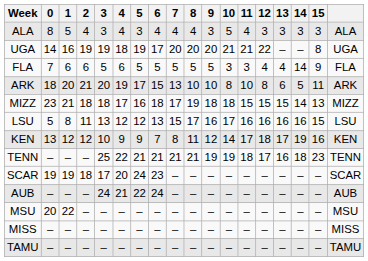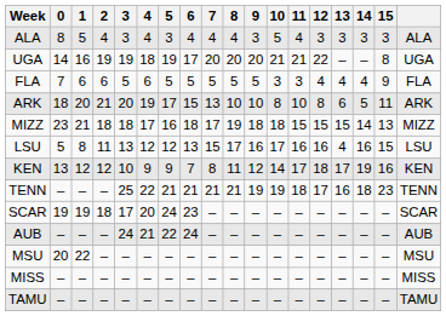 <table class="wikitable sortable" style="text-align:center">
 <tr>
 <th>Week</th>
 <th>0</th>
 <th>1</th>
 <th>2</th>
 <th>3</th>
 <th>4</th>
 <th>5</th>
 <th>6</th>
 <th>7</th>
 <th>8</th>
 <th>9</th>
 <th>10</th>
 <th>11</th>
 <th>12</th>
 <th>13</th>
 <th>14</th>
 <th>15</th>
 <th class=unsortable></th>
 </tr>
 <tr style="background-color:#E8E8E8">
 <td>ALA</td>
 <td>8</td>
 <td>5</td>
 <td>4</td>
 <td>3</td>
 <td>4</td>
 <td>3</td>
 <td>4</td>
 <td>4</td>
 <td>4</td>
 <td>3</td>
 <td>5</td>
 <td>4</td>
 <td>3</td>
 <td>3</td>
 <td>3</td>
 <td>3</td>
 <td>ALA</td>
 </tr>
 <tr>
 <td data-sort-value=G>UGA</td>
 <td>14</td>
 <td>16</td>
 <td>19</td>
 <td>19</td>
 <td>18</td>
 <td>19</td>
 <td>17</td>
 <td>20</td>
 <td>20</td>
 <td>20</td>
 <td>21</td>
 <td>21</td>
 <td>22</td>
 <td data-sort-value=26>–</td>
 <td data-sort-value=26>–</td>
 <td>8</td>
 <td>UGA</td>
 </tr>
 <tr>
 <td>FLA</td>
 <td>7</td>
 <td>6</td>
 <td>6</td>
 <td>5</td>
 <td>6</td>
 <td>5</td>
 <td>5</td>
 <td>5</td>
 <td>5</td>
 <td>5</td>
 <td>3</td>
 <td>3</td>
 <td>4</td>
 <td>4</td>
-<td>14</td>
+<td>4</td>
 <td>9</td>
 <td>FLA</td>
 </tr>
 <tr style="background-color:#E8E8E8">
 <td>ARK</td>
 <td>18</td>
 <td>20</td>
 <td>21</td>
 <td>20</td>
 <td>19</td>
 <td>17</td>
 <td>15</td>
 <td>13</td>
 <td>10</td>
 <td>10</td>
 <td>8</td>
 <td>10</td>
 <td>8</td>
 <td>6</td>
 <td>5</td>
 <td>11</td>
 <td>ARK</td>
 </tr>
 <tr>
 <td data-sort-value=MO>MIZZ</td>
 <td>23</td>
 <td>21</td>
 <td>18</td>
 <td>18</td>
 <td>17</td>
 <td>16</td>
 <td>18</td>
 <td>17</td>
 <td>19</td>
 <td>18</td>
 <td>18</td>
 <td>15</td>
 <td>15</td>
 <td>15</td>
 <td>14</td>
 <td>13</td>
 <td>MIZZ</td>
 </tr>
 <tr>
 <td>LSU</td>
 <td>5</td>
 <td>8</td>
 <td>11</td>
 <td>13</td>
 <td>12</td>
 <td>12</td>
 <td>13</td>
 <td>15</td>
 <td>17</td>
 <td>16</td>
 <td>17</td>
 <td>16</td>
 <td>16</td>
-<td>16</td>
+<td>4</td>
 <td>16</td>
 <td>15</td>
 <td>LSU</td>
 </tr>
 <tr style="background-color:#E8E8E8">
 <td>KEN</td>
 <td>13</td>
 <td>12</td>
 <td>12</td>
 <td>10</td>
 <td>9</td>
 <td>9</td>
 <td>7</td>
 <td>8</td>
 <td>11</td>
 <td>12</td>
 <td>14</td>
 <td>17</td>
 <td>18</td>
 <td>17</td>
 <td>19</td>
 <td>16</td>
 <td>KEN</td>
 </tr>
 <tr>
 <td>TENN</td>
 <td data-sort-value=27>–</td>
 <td data-sort-value=27>–</td>
 <td data-sort-value=27>–</td>
 <td>25</td>
 <td>22</td>
 <td>21</td>
 <td>21</td>
 <td>21</td>
 <td>21</td>
 <td>19</td>
 <td>19</td>
 <td>18</td>
 <td>17</td>
 <td>16</td>
 <td>18</td>
 <td>23</td>
 <td>TENN</td>
 </tr>
 <tr>
 <td>SCAR</td>
 <td>19</td>
 <td>19</td>
 <td>18</td>
 <td>17</td>
 <td>20</td>
 <td>24</td>
 <td>23</td>
 <td data-sort-value=28>–</td>
 <td data-sort-value=28>–</td>
 <td data-sort-value=28>–</td>
 <td data-sort-value=28>–</td>
 <td data-sort-value=28>–</td>
 <td data-sort-value=28>–</td>
 <td data-sort-value=28>–</td>
 <td data-sort-value=28>–</td>
 <td data-sort-value=28>–</td>
 <td>SCAR</td>
 </tr>
 <tr style="background-color:#E8E8E8">
 <td>AUB</td>
 <td data-sort-value=29>–</td>
 <td data-sort-value=29>–</td>
 <td data-sort-value=29>–</td>
 <td>24</td>
 <td>21</td>
 <td>22</td>
 <td>24</td>
 <td data-sort-value=29>–</td>
 <td data-sort-value=29>–</td>
 <td data-sort-value=29>–</td>
 <td data-sort-value=29>–</td>
 <td data-sort-value=29>–</td>
 <td data-sort-value=29>–</td>
 <td data-sort-value=29>–</td>
 <td data-sort-value=29>–</td>
 <td data-sort-value=29>–</td>
 <td>AUB</td>
 </tr>
 <tr>
 <td>MSU</td>
 <td>20</td>
 <td>22</td>
 <td data-sort-value=30>–</td>
 <td data-sort-value=30>–</td>
 <td data-sort-value=30>–</td>
 <td data-sort-value=30>–</td>
 <td data-sort-value=30>–</td>
 <td data-sort-value=30>–</td>
 <td data-sort-value=30>–</td>
 <td data-sort-value=30>–</td>
 <td data-sort-value=30>–</td>
 <td data-sort-value=30>–</td>
 <td data-sort-value=30>–</td>
 <td data-sort-value=30>–</td>
 <td data-sort-value=30>–</td>
 <td data-sort-value=30>–</td>
 <td>MSU</td>
 </tr>
 <tr>
 <td data-sort-value=O>MISS</td>
 <td data-sort-value=31>–</td>
 <td data-sort-value=31>–</td>
 <td data-sort-value=31>–</td>
 <td data-sort-value=31>–</td>
 <td data-sort-value=31>–</td>
 <td data-sort-value=31>–</td>
 <td data-sort-value=31>–</td>
 <td data-sort-value=31>–</td>
 <td data-sort-value=31>–</td>
 <td data-sort-value=31>–</td>
 <td data-sort-value=31>–</td>
 <td data-sort-value=31>–</td>
 <td data-sort-value=31>–</td>
 <td data-sort-value=31>–</td>
 <td data-sort-value=31>–</td>
 <td data-sort-value=31>–</td>
 <td>MISS</td>
 </tr>
 <tr style="background-color:#E8E8E8">
 <td data-sort-value=TEX>TAMU</td>
 <td data-sort-value=31>–</td>
 <td data-sort-value=31>–</td>
 <td data-sort-value=31>–</td>
 <td data-sort-value=31>–</td>
 <td data-sort-value=31>–</td>
 <td data-sort-value=31>–</td>
 <td data-sort-value=31>–</td>
 <td data-sort-value=31>–</td>
 <td data-sort-value=31>–</td>
 <td data-sort-value=31>–</td>
 <td data-sort-value=31>–</td>
 <td data-sort-value=31>–</td>
 <td data-sort-value=31>–</td>
 <td data-sort-value=31>–</td>
 <td data-sort-value=31>–</td>
 <td data-sort-value=31>–</td>
 <td>TAMU</td>
 </tr>
 </table>
